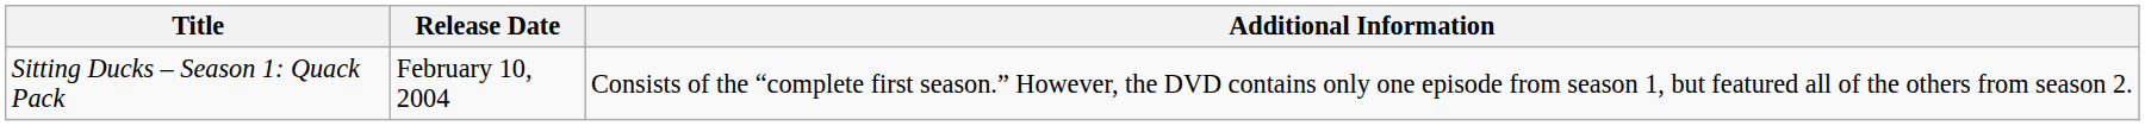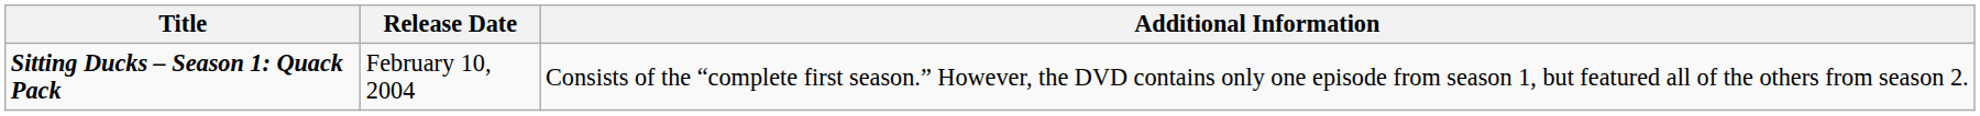 <table class="wikitable">
 <tr>
 <th width="225">Title</th>
 <th width="110">Release Date</th>
 <th>Additional Information</th>
 </tr>
 <tr>
-<td><em>Sitting Ducks – Season 1: Quack Pack</em></td>
+<td><strong><em>Sitting Ducks – Season 1: Quack Pack</em></strong></td>
 <td>February 10, 2004</td>
 <td>Consists of the “complete first season.” However, the DVD contains only one episode from season 1, but featured all of the others from season 2.</td>
 </tr>
 </table>
